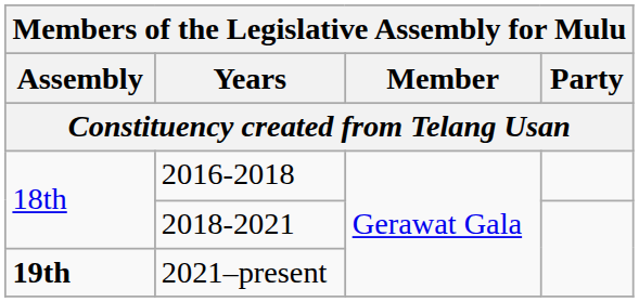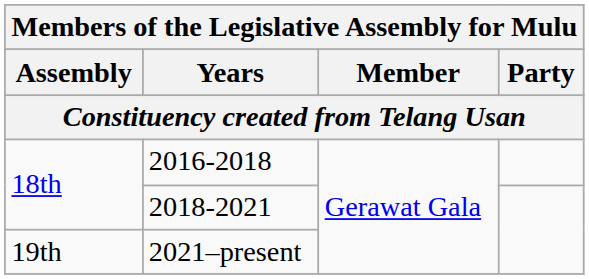 <table class=wikitable>
 <tr>
 <th colspan="4">Members of the Legislative Assembly for Mulu</th>
 </tr>
 <tr>
 <th>Assembly</th>
 <th>Years</th>
 <th>Member</th>
 <th>Party</th>
 </tr>
 <tr>
 <th colspan=4 align=center><em>Constituency created from Telang Usan</em></th>
 </tr>
 <tr>
 <td rowspan="2"><a href='#'>18th</a></td>
 <td>2016-2018</td>
 <td rowspan="3"><a href='#'>Gerawat Gala</a></td>
 <td rowspan=1 bgcolor=></td>
 </tr>
 <tr>
 <td>2018-2021</td>
 <td rowspan="2" bgcolor=></td>
 </tr>
 <tr>
-<td><strong>19th</strong></td>
+<td>19th</td>
 <td>2021–present</td>
 </tr>
 </table>
